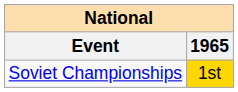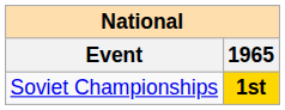 <table class="wikitable" style="text-align:center">
 <tr>
 <th style="background-color: #ffdead; " colspan=2 align=center><strong>National</strong></th>
 </tr>
 <tr>
 <th>Event</th>
 <th>1965</th>
 </tr>
 <tr>
 <td align=left><a href='#'>Soviet Championships</a></td>
-<td bgcolor=gold>1st</td>
+<td bgcolor=gold><strong>1st</strong></td>
 </tr>
 </table>
